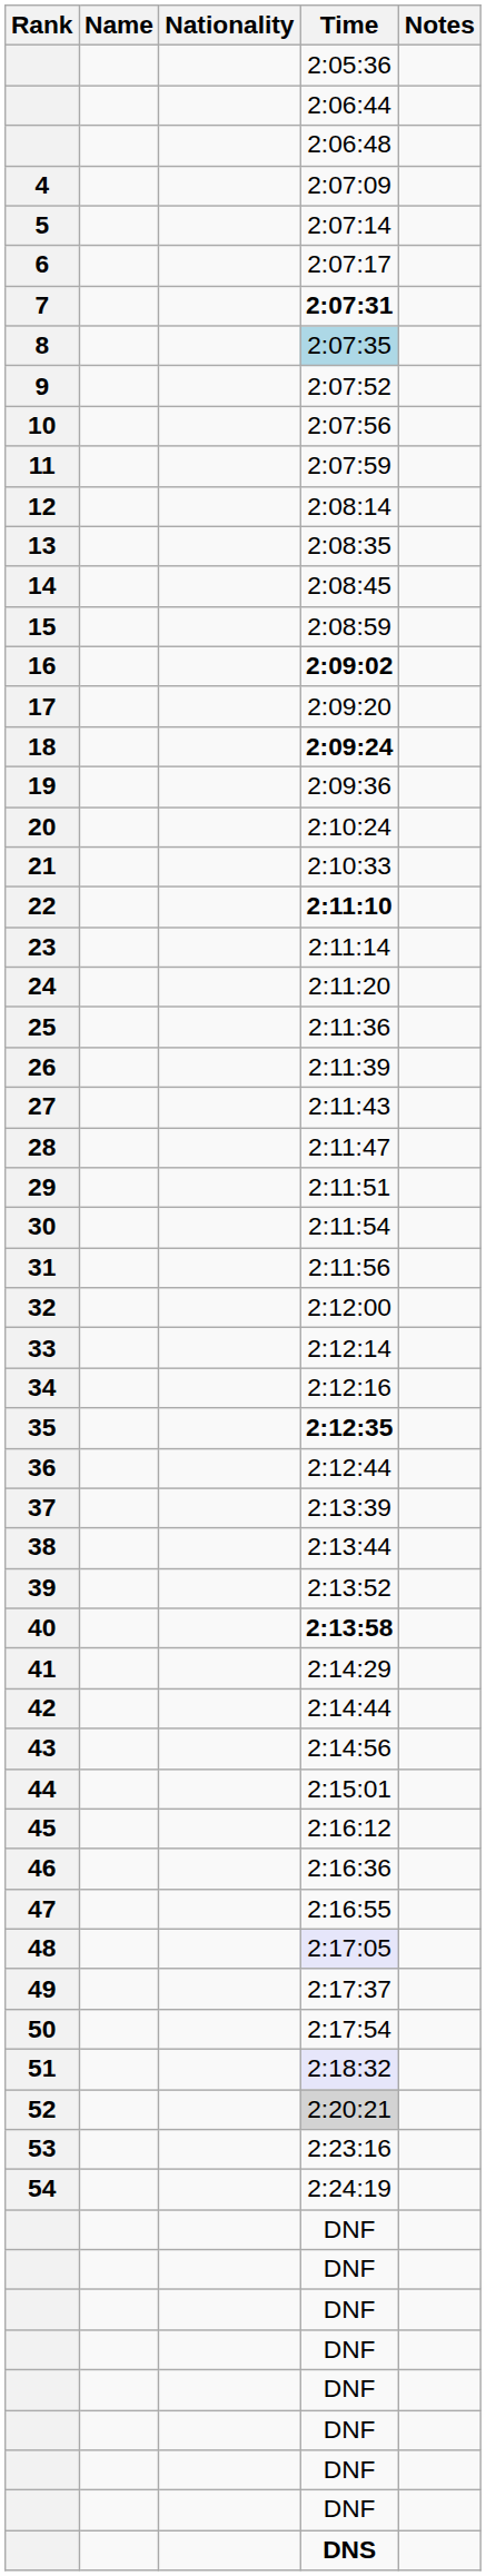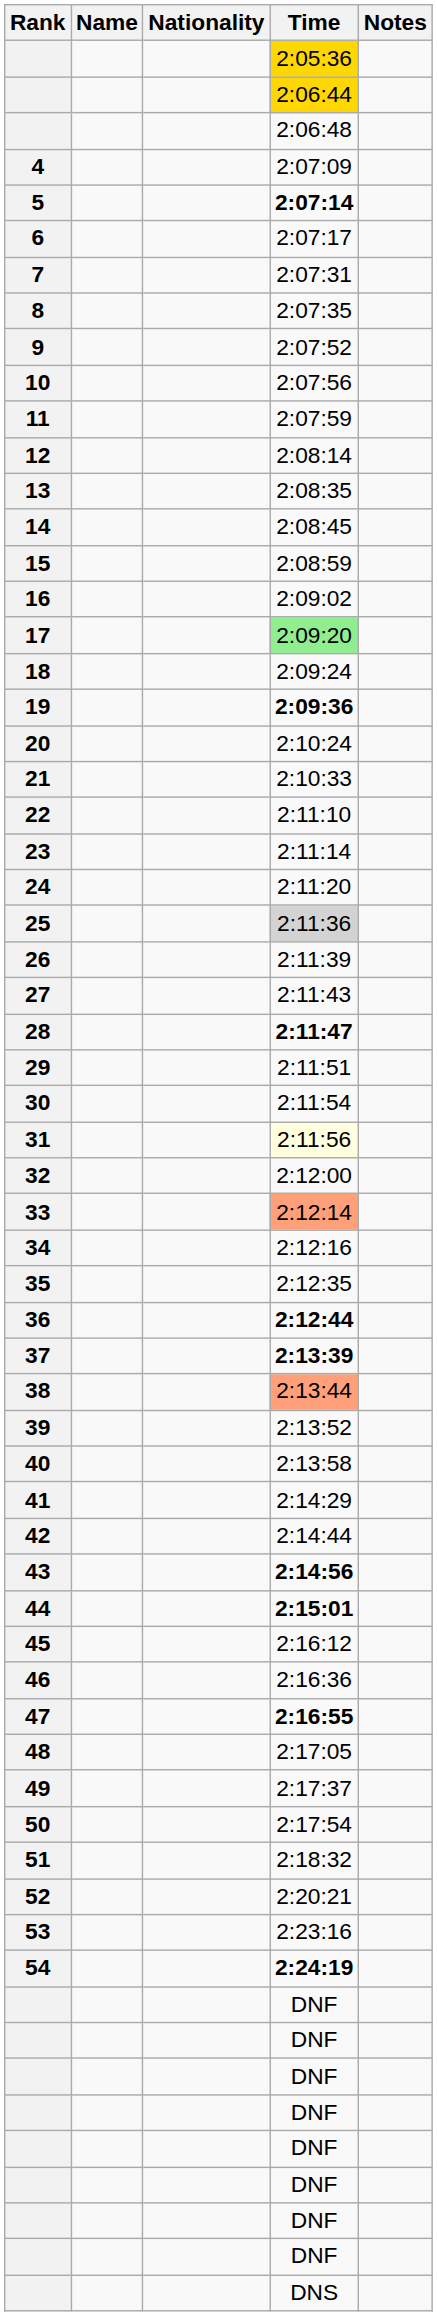 <table class="wikitable sortable" style="text-align:center">
 <tr>
 <th scope="col">Rank</th>
 <th scope="col">Name</th>
 <th scope="col">Nationality</th>
 <th scope="col">Time</th>
 <th scope="col">Notes</th>
 </tr>
 <tr>
 <th scope="row"></th>
 <td align="left"></td>
 <td align="left"></td>
-<td>2:05:36</td>
+<td style="background: gold;">2:05:36</td>
 <td></td>
 </tr>
 <tr>
 <th scope="row"></th>
 <td align="left"></td>
 <td align="left"></td>
-<td>2:06:44</td>
+<td style="background: gold;">2:06:44</td>
 <td></td>
 </tr>
 <tr>
 <th scope="row"></th>
 <td align="left"></td>
 <td align="left"></td>
 <td>2:06:48</td>
 <td></td>
 </tr>
 <tr>
 <th scope="row">4</th>
 <td align="left"></td>
 <td align="left"></td>
 <td>2:07:09</td>
 <td></td>
 </tr>
 <tr>
 <th scope="row">5</th>
 <td align="left"></td>
 <td align="left"></td>
-<td>2:07:14</td>
+<td><strong>2:07:14</strong></td>
 <td></td>
 </tr>
 <tr>
 <th scope="row">6</th>
 <td align="left"></td>
 <td align="left"></td>
 <td>2:07:17</td>
 <td></td>
 </tr>
 <tr>
 <th scope="row">7</th>
 <td align="left"></td>
 <td align="left"></td>
-<td><strong>2:07:31</strong></td>
+<td>2:07:31</td>
 <td></td>
 </tr>
 <tr>
 <th scope="row">8</th>
 <td align="left"></td>
 <td align="left"></td>
-<td style="background: lightblue;">2:07:35</td>
+<td>2:07:35</td>
 <td></td>
 </tr>
 <tr>
 <th scope="row">9</th>
 <td align="left"></td>
 <td align="left"></td>
 <td>2:07:52</td>
 <td></td>
 </tr>
 <tr>
 <th scope="row">10</th>
 <td align="left"></td>
 <td align="left"></td>
 <td>2:07:56</td>
 <td></td>
 </tr>
 <tr>
 <th scope="row">11</th>
 <td align="left"></td>
 <td align="left"></td>
 <td>2:07:59</td>
 <td></td>
 </tr>
 <tr>
 <th scope="row">12</th>
 <td align="left"></td>
 <td align="left"></td>
 <td>2:08:14</td>
 <td></td>
 </tr>
 <tr>
 <th scope="row">13</th>
 <td align="left"></td>
 <td align="left"></td>
 <td>2:08:35</td>
 <td></td>
 </tr>
 <tr>
 <th scope="row">14</th>
 <td align="left"></td>
 <td align="left"></td>
 <td>2:08:45</td>
 <td></td>
 </tr>
 <tr>
 <th scope="row">15</th>
 <td align="left"></td>
 <td align="left"></td>
 <td>2:08:59</td>
 <td></td>
 </tr>
 <tr>
 <th scope="row">16</th>
 <td align="left"></td>
 <td align="left"></td>
-<td><strong>2:09:02</strong></td>
+<td>2:09:02</td>
 <td></td>
 </tr>
 <tr>
 <th scope="row">17</th>
 <td align="left"></td>
 <td align="left"></td>
-<td>2:09:20</td>
+<td style="background: lightgreen;">2:09:20</td>
 <td></td>
 </tr>
 <tr>
 <th scope="row">18</th>
 <td align="left"></td>
 <td align="left"></td>
-<td><strong>2:09:24</strong></td>
+<td>2:09:24</td>
 <td></td>
 </tr>
 <tr>
 <th scope="row">19</th>
 <td align="left"></td>
 <td align="left"></td>
-<td>2:09:36</td>
+<td><strong>2:09:36</strong></td>
 <td></td>
 </tr>
 <tr>
 <th scope="row">20</th>
 <td align="left"></td>
 <td align="left"></td>
 <td>2:10:24</td>
 <td></td>
 </tr>
 <tr>
 <th scope="row">21</th>
 <td align="left"></td>
 <td align="left"></td>
 <td>2:10:33</td>
 <td></td>
 </tr>
 <tr>
 <th scope="row">22</th>
 <td align="left"></td>
 <td align="left"></td>
-<td><strong>2:11:10</strong></td>
+<td>2:11:10</td>
 <td></td>
 </tr>
 <tr>
 <th scope="row">23</th>
 <td align="left"></td>
 <td align="left"></td>
 <td>2:11:14</td>
 <td></td>
 </tr>
 <tr>
 <th scope="row">24</th>
 <td align="left"></td>
 <td align="left"></td>
 <td>2:11:20</td>
 <td></td>
 </tr>
 <tr>
 <th scope="row">25</th>
 <td align="left"></td>
 <td align="left"></td>
-<td>2:11:36</td>
+<td style="background: lightgrey;">2:11:36</td>
 <td></td>
 </tr>
 <tr>
 <th scope="row">26</th>
 <td align="left"></td>
 <td align="left"></td>
 <td>2:11:39</td>
 <td></td>
 </tr>
 <tr>
 <th scope="row">27</th>
 <td align="left"></td>
 <td align="left"></td>
 <td>2:11:43</td>
 <td></td>
 </tr>
 <tr>
 <th scope="row">28</th>
 <td align="left"></td>
 <td align="left"></td>
-<td>2:11:47</td>
+<td><strong>2:11:47</strong></td>
 <td></td>
 </tr>
 <tr>
 <th scope="row">29</th>
 <td align="left"></td>
 <td align="left"></td>
 <td>2:11:51</td>
 <td></td>
 </tr>
 <tr>
 <th scope="row">30</th>
 <td align="left"></td>
 <td align="left"></td>
 <td>2:11:54</td>
 <td></td>
 </tr>
 <tr>
 <th scope="row">31</th>
 <td align="left"></td>
 <td align="left"></td>
-<td>2:11:56</td>
+<td style="background: lightyellow;">2:11:56</td>
 <td></td>
 </tr>
 <tr>
 <th scope="row">32</th>
 <td align="left"></td>
 <td align="left"></td>
 <td>2:12:00</td>
 <td></td>
 </tr>
 <tr>
 <th scope="row">33</th>
 <td align="left"></td>
 <td align="left"></td>
-<td>2:12:14</td>
+<td style="background: lightsalmon;">2:12:14</td>
 <td></td>
 </tr>
 <tr>
 <th scope="row">34</th>
 <td align="left"></td>
 <td align="left"></td>
 <td>2:12:16</td>
 <td></td>
 </tr>
 <tr>
 <th scope="row">35</th>
 <td align="left"></td>
 <td align="left"></td>
-<td><strong>2:12:35</strong></td>
+<td>2:12:35</td>
 <td></td>
 </tr>
 <tr>
 <th scope="row">36</th>
 <td align="left"></td>
 <td align="left"></td>
-<td>2:12:44</td>
+<td><strong>2:12:44</strong></td>
 <td></td>
 </tr>
 <tr>
 <th scope="row">37</th>
 <td align="left"></td>
 <td align="left"></td>
-<td>2:13:39</td>
+<td><strong>2:13:39</strong></td>
 <td></td>
 </tr>
 <tr>
 <th scope="row">38</th>
 <td align="left"></td>
 <td align="left"></td>
-<td>2:13:44</td>
+<td style="background: lightsalmon;">2:13:44</td>
 <td></td>
 </tr>
 <tr>
 <th scope="row">39</th>
 <td align="left"></td>
 <td align="left"></td>
 <td>2:13:52</td>
 <td></td>
 </tr>
 <tr>
 <th scope="row">40</th>
 <td align="left"></td>
 <td align="left"></td>
-<td><strong>2:13:58</strong></td>
+<td>2:13:58</td>
 <td></td>
 </tr>
 <tr>
 <th scope="row">41</th>
 <td align="left"></td>
 <td align="left"></td>
 <td>2:14:29</td>
 <td></td>
 </tr>
 <tr>
 <th scope="row">42</th>
 <td align="left"></td>
 <td align="left"></td>
 <td>2:14:44</td>
 <td></td>
 </tr>
 <tr>
 <th scope="row">43</th>
 <td align="left"></td>
 <td align="left"></td>
-<td>2:14:56</td>
+<td><strong>2:14:56</strong></td>
 <td></td>
 </tr>
 <tr>
 <th scope="row">44</th>
 <td align="left"></td>
 <td align="left"></td>
-<td>2:15:01</td>
+<td><strong>2:15:01</strong></td>
 <td></td>
 </tr>
 <tr>
 <th scope="row">45</th>
 <td align="left"></td>
 <td align="left"></td>
 <td>2:16:12</td>
 <td></td>
 </tr>
 <tr>
 <th scope="row">46</th>
 <td align="left"></td>
 <td align="left"></td>
 <td>2:16:36</td>
 <td></td>
 </tr>
 <tr>
 <th scope="row">47</th>
 <td align="left"></td>
 <td align="left"></td>
-<td>2:16:55</td>
+<td><strong>2:16:55</strong></td>
 <td></td>
 </tr>
 <tr>
 <th scope="row">48</th>
 <td align="left"></td>
 <td align="left"></td>
-<td style="background: lavender;">2:17:05</td>
+<td>2:17:05</td>
 <td></td>
 </tr>
 <tr>
 <th scope="row">49</th>
 <td align="left"></td>
 <td align="left"></td>
 <td>2:17:37</td>
 <td></td>
 </tr>
 <tr>
 <th scope="row">50</th>
 <td align="left"></td>
 <td align="left"></td>
 <td>2:17:54</td>
 <td></td>
 </tr>
 <tr>
 <th scope="row">51</th>
 <td align="left"></td>
 <td align="left"></td>
-<td style="background: lavender;">2:18:32</td>
+<td>2:18:32</td>
 <td></td>
 </tr>
 <tr>
 <th scope="row">52</th>
 <td align="left"></td>
 <td align="left"></td>
-<td style="background: lightgrey;">2:20:21</td>
+<td>2:20:21</td>
 <td></td>
 </tr>
 <tr>
 <th scope="row">53</th>
 <td align="left"></td>
 <td align="left"></td>
 <td>2:23:16</td>
 <td></td>
 </tr>
 <tr>
 <th scope="row">54</th>
 <td align="left"></td>
 <td align="left"></td>
-<td>2:24:19</td>
+<td><strong>2:24:19</strong></td>
 <td></td>
 </tr>
 <tr>
 <th scope="row"></th>
 <td align="left"></td>
 <td align="left"></td>
 <td>DNF</td>
 <td></td>
 </tr>
 <tr>
 <th scope="row"></th>
 <td align="left"></td>
 <td align="left"></td>
 <td>DNF</td>
 <td></td>
 </tr>
 <tr>
 <th scope="row"></th>
 <td align="left"></td>
 <td align="left"></td>
 <td>DNF</td>
 <td></td>
 </tr>
 <tr>
 <th scope="row"></th>
 <td align="left"></td>
 <td align="left"></td>
 <td>DNF</td>
 <td></td>
 </tr>
 <tr>
 <th scope="row"></th>
 <td align="left"></td>
 <td align="left"></td>
 <td>DNF</td>
 <td></td>
 </tr>
 <tr>
 <th scope="row"></th>
 <td align="left"></td>
 <td align="left"></td>
 <td>DNF</td>
 <td></td>
 </tr>
 <tr>
 <th scope="row"></th>
 <td align="left"></td>
 <td align="left"></td>
 <td>DNF</td>
 <td></td>
 </tr>
 <tr>
 <th scope="row"></th>
 <td align="left"></td>
 <td align="left"></td>
 <td>DNF</td>
 <td></td>
 </tr>
 <tr>
 <th scope="row"></th>
 <td align="left"></td>
 <td align="left"></td>
-<td><strong>DNS</strong></td>
+<td>DNS</td>
 <td></td>
 </tr>
 </table>
